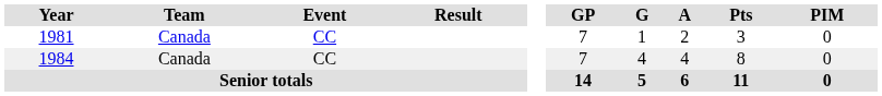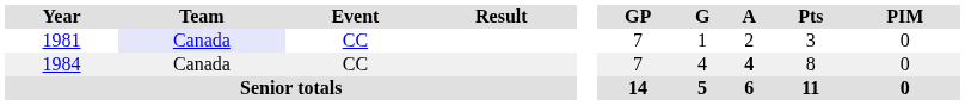 <table border="0" cellpadding="1" cellspacing="0" style="text-align:center; width:50em">
 <tr ALIGN="center" bgcolor="#e0e0e0">
 <th>Year</th>
 <th>Team</th>
 <th>Event</th>
 <th>Result</th>
 <th rowspan="99" bgcolor="#ffffff"> </th>
 <th>GP</th>
 <th>G</th>
 <th>A</th>
 <th>Pts</th>
 <th>PIM</th>
 </tr>
 <tr>
 <td><a href='#'>1981</a></td>
-<td><a href='#'>Canada</a></td>
+<td style="background: lavender;"><a href='#'>Canada</a></td>
 <td><a href='#'>CC</a></td>
 <td></td>
 <td>7</td>
 <td>1</td>
 <td>2</td>
 <td>3</td>
 <td>0</td>
 </tr>
 <tr bgcolor="#f0f0f0">
 <td><a href='#'>1984</a></td>
 <td>Canada</td>
 <td>CC</td>
 <td></td>
 <td>7</td>
 <td>4</td>
-<td>4</td>
+<td><strong>4</strong></td>
 <td>8</td>
 <td>0</td>
 </tr>
 <tr style="background:#e0e0e0;">
 <th colspan="4">Senior totals</th>
 <th>14</th>
 <th>5</th>
 <th>6</th>
 <th>11</th>
 <th>0</th>
 </tr>
 </table>
